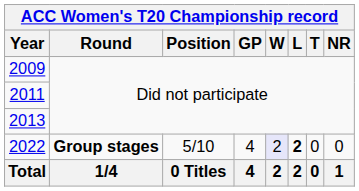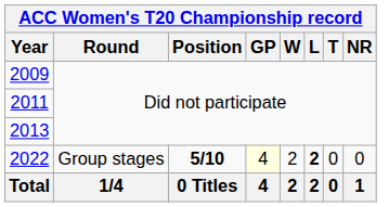 <table class="wikitable" style="text-align: center; width=900px;">
 <tr>
 <th colspan="8"><a href='#'>ACC Women's T20 Championship record</a></th>
 </tr>
 <tr>
 <th>Year</th>
 <th>Round</th>
 <th>Position</th>
 <th>GP</th>
 <th>W</th>
 <th>L</th>
 <th>T</th>
 <th>NR</th>
 </tr>
 <tr>
 <td><a href='#'>2009</a> </td>
 <td colspan=7  rowspan=3>Did not participate</td>
 </tr>
 <tr>
 <td> <a href='#'>2011</a> </td>
 </tr>
 <tr>
 <td> <a href='#'>2013</a></td>
 </tr>
 <tr>
 <td> <a href='#'>2022</a></td>
-<td><strong>Group stages</strong></td>
-<td>5/10</td>
-<td>4</td>
-<td style="background: lavender;">2</td>
+<td>Group stages</td>
+<td><strong>5/10</strong></td>
+<td style="background: lightyellow;">4</td>
+<td>2</td>
 <td><strong>2</strong></td>
 <td>0</td>
 <td>0</td>
 </tr>
 <tr>
 <th>Total</th>
 <th>1/4</th>
 <th>0 Titles</th>
 <th>4</th>
 <th>2</th>
 <th>2</th>
 <th>0</th>
 <th>1</th>
 </tr>
 </table>
